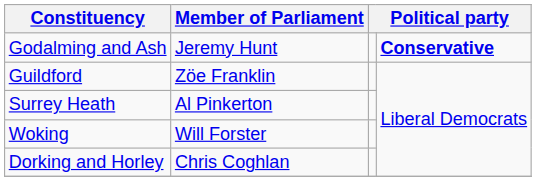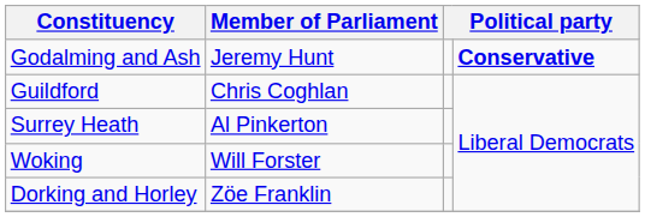 <table class="wikitable sortable">
 <tr>
 <th><a href='#'>Constituency</a></th>
 <th><a href='#'>Member of Parliament</a></th>
 <th colspan="2" style="vertical-align:top;"><a href='#'>Political party</a></th>
 </tr>
 <tr>
 <td><a href='#'>Godalming and Ash</a></td>
 <td><a href='#'>Jeremy Hunt</a></td>
 <td style="color:inherit;background:"></td>
 <td rowspan="1"><strong><a href='#'>Conservative</a></strong></td>
 </tr>
 <tr>
 <td><a href='#'>Guildford</a></td>
-<td><a href='#'>Zöe Franklin</a></td>
+<td><a href='#'>Chris Coghlan</a></td>
 <td style="color:inherit;background:"></td>
 <td rowspan="4"><a href='#'>Liberal Democrats</a></td>
 </tr>
 <tr>
 <td><a href='#'>Surrey Heath</a></td>
 <td><a href='#'>Al Pinkerton</a></td>
 <td style="color:inherit;background:"></td>
 </tr>
 <tr>
 <td><a href='#'>Woking</a></td>
 <td><a href='#'>Will Forster</a></td>
 <td style="color:inherit;background:"></td>
 </tr>
 <tr>
 <td><a href='#'>Dorking and Horley</a></td>
-<td><a href='#'>Chris Coghlan</a></td>
+<td><a href='#'>Zöe Franklin</a></td>
 <td style="color:inherit;background:"></td>
 </tr>
 <tr>
 </tr>
 </table>
